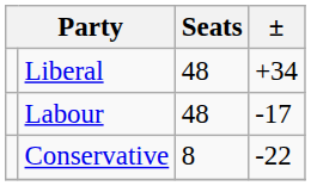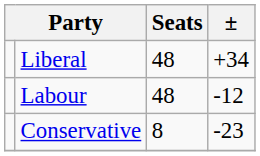 <table class="wikitable">
 <tr>
 <th colspan="2">Party</th>
 <th>Seats</th>
 <th>  ±  </th>
 </tr>
 <tr>
 <td style="background-color: "></td>
 <td><a href='#'>Liberal</a></td>
 <td>48</td>
 <td>+34</td>
 </tr>
 <tr>
 <td style="background-color: "></td>
 <td><a href='#'>Labour</a></td>
 <td>48</td>
-<td>-17</td>
+<td>-12</td>
 </tr>
 <tr>
 <td style="background-color: "></td>
 <td><a href='#'>Conservative</a></td>
 <td>8</td>
-<td>-22</td>
+<td>-23</td>
 </tr>
 <tr>
 </tr>
 </table>
